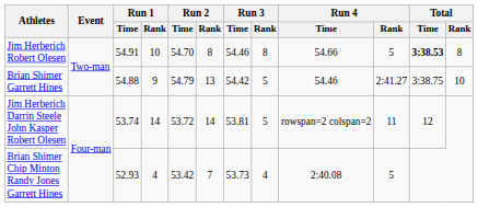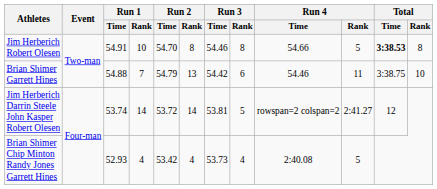 <table class=wikitable style=font-size:90%;text-align:center>
 <tr>
 <th rowspan=2>Athletes</th>
 <th rowspan=2>Event</th>
 <th colspan=2>Run 1</th>
 <th colspan=2>Run 2</th>
 <th colspan=2>Run 3</th>
 <th colspan=2>Run 4</th>
 <th colspan=2>Total</th>
 </tr>
 <tr style=font-size:95%>
 <th>Time</th>
 <th>Rank</th>
 <th>Time</th>
 <th>Rank</th>
 <th>Time</th>
 <th>Rank</th>
 <th>Time</th>
 <th>Rank</th>
 <th>Time</th>
 <th>Rank</th>
 </tr>
 <tr>
 <td align=left><a href='#'>Jim Herberich</a><br><a href='#'>Robert Olesen</a></td>
 <td align=left rowspan=2><a href='#'>Two-man</a></td>
 <td>54.91</td>
 <td>10</td>
 <td>54.70</td>
 <td>8</td>
 <td>54.46</td>
 <td>8</td>
 <td>54.66</td>
 <td>5</td>
 <td><strong>3:38.53</strong></td>
 <td>8</td>
 </tr>
 <tr>
 <td align=left><a href='#'>Brian Shimer</a><br><a href='#'>Garrett Hines</a></td>
 <td>54.88</td>
-<td>9</td>
+<td>7</td>
 <td>54.79</td>
 <td>13</td>
 <td>54.42</td>
-<td>5</td>
+<td>6</td>
 <td>54.46</td>
-<td>2:41.27</td>
+<td>11</td>
 <td>3:38.75</td>
 <td>10</td>
 </tr>
 <tr>
 <td align=left><a href='#'>Jim Herberich</a><br><a href='#'>Darrin Steele</a><br><a href='#'>John Kasper</a><br><a href='#'>Robert Olesen</a></td>
 <td align=left rowspan=2><a href='#'>Four-man</a></td>
 <td>53.74</td>
 <td>14</td>
 <td>53.72</td>
 <td>14</td>
 <td>53.81</td>
 <td>5</td>
 <td>rowspan=2 colspan=2 </td>
-<td>11</td>
+<td>2:41.27</td>
 <td>12</td>
 </tr>
 <tr>
 <td align=left><a href='#'>Brian Shimer</a><br><a href='#'>Chip Minton</a><br><a href='#'>Randy Jones</a><br><a href='#'>Garrett Hines</a></td>
 <td>52.93</td>
 <td>4</td>
 <td>53.42</td>
-<td>7</td>
+<td>4</td>
 <td>53.73</td>
 <td>4</td>
 <td>2:40.08</td>
 <td>5</td>
 </tr>
 </table>
